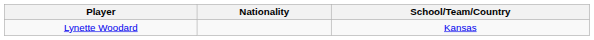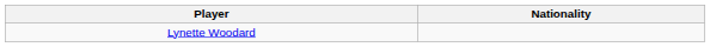 <table class="wikitable" style="text-align:center; width:60em">
 <tr>
 <th>Player</th>
 <th>Nationality</th>
-<th>School/Team/Country</th>
 </tr>
 <tr>
 <td><a href='#'>Lynette Woodard</a></td>
 <td></td>
-<td><a href='#'>Kansas</a></td>
 </tr>
 </table>
